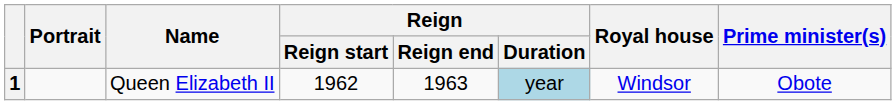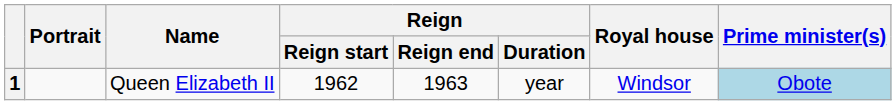 <table class="wikitable" style="text-align:center">
 <tr>
 <th rowspan="2"></th>
 <th rowspan="2">Portrait</th>
 <th rowspan="2">Name<br></th>
 <th colspan="3">Reign</th>
 <th rowspan="2">Royal house</th>
 <th rowspan="2"><a href='#'>Prime minister(s)</a></th>
 </tr>
 <tr>
 <th>Reign start</th>
 <th>Reign end</th>
 <th>Duration</th>
 </tr>
 <tr>
 <th>1</th>
 <td></td>
 <td>Queen <a href='#'>Elizabeth II</a><br></td>
 <td> 1962</td>
 <td> 1963</td>
-<td style="background: lightblue;"> year</td>
+<td> year</td>
 <td><a href='#'>Windsor</a></td>
-<td><a href='#'>Obote</a></td>
+<td style="background: lightblue;"><a href='#'>Obote</a></td>
 </tr>
 </table>
